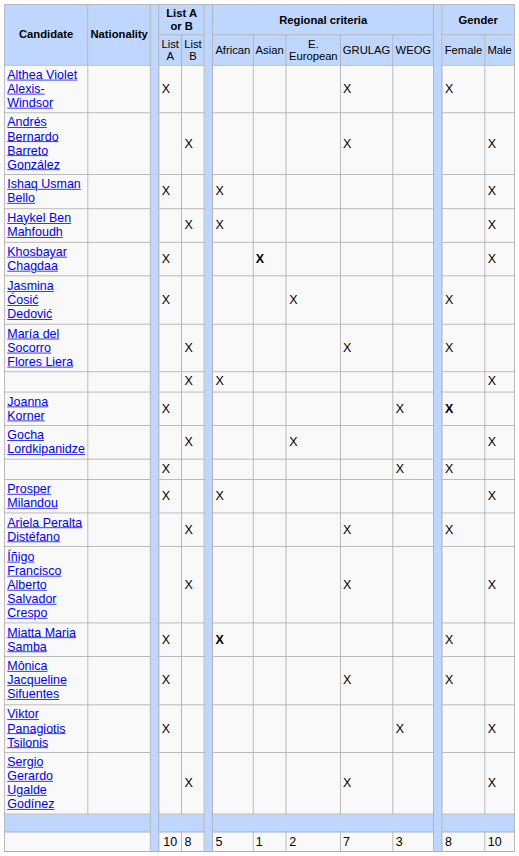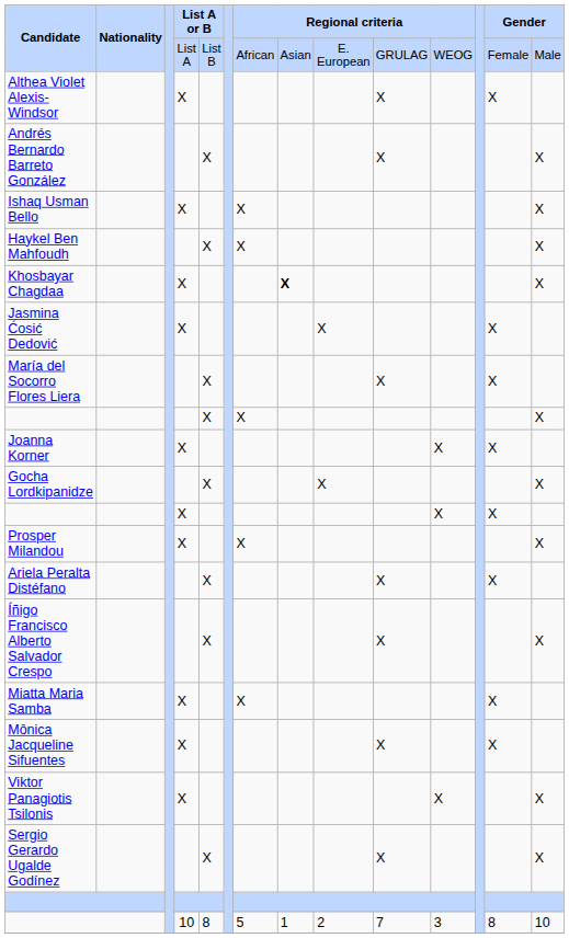 <table class="wikitable col3center col4center col5center col6center col7center col8center col9center col10center col11center">
 <tr bgcolor=#BFD7FF align="center" style="font-size:90%;">
 <td rowspan=2><strong>Candidate</strong></td>
 <td rowspan=2><strong>Nationality</strong></td>
 <td rowspan=22> </td>
 <td colspan=2><strong>List A or B</strong></td>
 <td rowspan=22> </td>
 <td colspan=5><strong>Regional criteria</strong></td>
 <td rowspan=22> </td>
 <td colspan=2><strong>Gender</strong></td>
 </tr>
 <tr bgcolor=#BFD7FF align="center" style="font-size:90%;">
 <td>List A</td>
 <td>List B</td>
 <td>African</td>
 <td>Asian</td>
 <td>E. European</td>
 <td>GRULAG</td>
 <td>WEOG</td>
 <td>Female</td>
 <td>Male</td>
 </tr>
 <tr>
 <td><a href='#'>Althea Violet Alexis-Windsor</a></td>
 <td></td>
 <td>X</td>
 <td></td>
 <td></td>
 <td></td>
 <td></td>
 <td>X</td>
 <td></td>
 <td>X</td>
 <td></td>
 </tr>
 <tr>
 <td><a href='#'>Andrés Bernardo Barreto González</a></td>
 <td></td>
 <td></td>
 <td>X</td>
 <td></td>
 <td></td>
 <td></td>
 <td>X</td>
 <td></td>
 <td></td>
 <td>X</td>
 </tr>
 <tr>
 <td><a href='#'>Ishaq Usman Bello</a></td>
 <td></td>
 <td>X</td>
 <td></td>
 <td>X</td>
 <td></td>
 <td></td>
 <td></td>
 <td></td>
 <td></td>
 <td>X</td>
 </tr>
 <tr>
 <td><a href='#'>Haykel Ben Mahfoudh</a></td>
 <td></td>
 <td></td>
 <td>X</td>
 <td>X</td>
 <td></td>
 <td></td>
 <td></td>
 <td></td>
 <td></td>
 <td>X</td>
 </tr>
 <tr>
 <td><a href='#'>Khosbayar Chagdaa</a></td>
 <td></td>
 <td>X</td>
 <td></td>
 <td></td>
 <td><strong>X</strong></td>
 <td></td>
 <td></td>
 <td></td>
 <td></td>
 <td>X</td>
 </tr>
 <tr>
 <td><a href='#'>Jasmina Ćosić Dedović</a></td>
 <td></td>
 <td>X</td>
 <td></td>
 <td></td>
 <td></td>
 <td>X</td>
 <td></td>
 <td></td>
 <td>X</td>
 <td></td>
 </tr>
 <tr>
 <td><a href='#'>María del Socorro Flores Liera</a></td>
 <td></td>
 <td></td>
 <td>X</td>
 <td></td>
 <td></td>
 <td></td>
 <td>X</td>
 <td></td>
 <td>X</td>
 <td></td>
 </tr>
 <tr>
 <td></td>
 <td></td>
 <td></td>
 <td>X</td>
 <td>X</td>
 <td></td>
 <td></td>
 <td></td>
 <td></td>
 <td></td>
 <td>X</td>
 </tr>
 <tr>
 <td><a href='#'>Joanna Korner</a></td>
 <td></td>
 <td>X</td>
 <td></td>
 <td></td>
 <td></td>
 <td></td>
 <td></td>
 <td>X</td>
-<td><strong>X</strong></td>
+<td>X</td>
 <td></td>
 </tr>
 <tr>
 <td><a href='#'>Gocha Lordkipanidze</a></td>
 <td></td>
 <td></td>
 <td>X</td>
 <td></td>
 <td></td>
 <td>X</td>
 <td></td>
 <td></td>
 <td></td>
 <td>X</td>
 </tr>
 <tr>
 <td></td>
 <td></td>
 <td>X</td>
 <td></td>
 <td></td>
 <td></td>
 <td></td>
 <td></td>
 <td>X</td>
 <td>X</td>
 <td></td>
 </tr>
 <tr>
 <td><a href='#'>Prosper Milandou</a></td>
 <td></td>
 <td>X</td>
 <td></td>
 <td>X</td>
 <td></td>
 <td></td>
 <td></td>
 <td></td>
 <td></td>
 <td>X</td>
 </tr>
 <tr>
 <td><a href='#'>Ariela Peralta Distéfano</a></td>
 <td></td>
 <td></td>
 <td>X</td>
 <td></td>
 <td></td>
 <td></td>
 <td>X</td>
 <td></td>
 <td>X</td>
 <td></td>
 </tr>
 <tr>
 <td><a href='#'>Íñigo Francisco Alberto Salvador Crespo</a></td>
 <td></td>
 <td></td>
 <td>X</td>
 <td></td>
 <td></td>
 <td></td>
 <td>X</td>
 <td></td>
 <td></td>
 <td>X</td>
 </tr>
 <tr>
 <td><a href='#'>Miatta Maria Samba</a></td>
 <td></td>
 <td>X</td>
 <td></td>
-<td><strong>X</strong></td>
+<td>X</td>
 <td></td>
 <td></td>
 <td></td>
 <td></td>
 <td>X</td>
 <td></td>
 </tr>
 <tr>
 <td><a href='#'>Mônica Jacqueline Sifuentes</a></td>
 <td></td>
 <td>X</td>
 <td></td>
 <td></td>
 <td></td>
 <td></td>
 <td>X</td>
 <td></td>
 <td>X</td>
 <td></td>
 </tr>
 <tr>
 <td><a href='#'>Viktor Panagiotis Tsilonis</a></td>
 <td></td>
 <td>X</td>
 <td></td>
 <td></td>
 <td></td>
 <td></td>
 <td></td>
 <td>X</td>
 <td></td>
 <td>X</td>
 </tr>
 <tr>
 <td><a href='#'>Sergio Gerardo Ugalde Godínez</a></td>
 <td></td>
 <td></td>
 <td>X</td>
 <td></td>
 <td></td>
 <td></td>
 <td>X</td>
 <td></td>
 <td></td>
 <td>X</td>
 </tr>
 <tr bgcolor=#BFD7FF align="center" style="font-size:90%;">
 <td colspan=2> </td>
 <td colspan=2> </td>
 <td colspan=5> </td>
 <td colspan=2> </td>
 </tr>
 <tr>
 <td colspan=2></td>
 <td align="center">10</td>
 <td>8</td>
 <td>5</td>
 <td>1</td>
 <td>2</td>
 <td>7</td>
 <td>3</td>
 <td>8</td>
 <td>10</td>
 </tr>
 <tr>
 </tr>
 </table>
